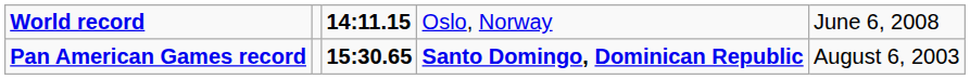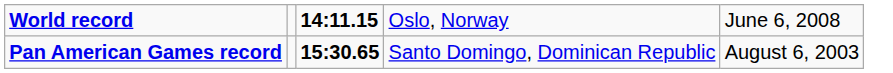 <table class="wikitable">
 <tr>
 <td><strong><a href='#'>World record</a></strong></td>
 <td></td>
 <td><strong>14:11.15</strong></td>
 <td><a href='#'>Oslo</a>, <a href='#'>Norway</a></td>
 <td>June 6, 2008</td>
 </tr>
 <tr>
 <td><strong><a href='#'>Pan American Games record</a></strong></td>
 <td></td>
 <td><strong>15:30.65</strong></td>
-<td><strong><a href='#'>Santo Domingo</a>, <a href='#'>Dominican Republic</a></strong></td>
+<td><a href='#'>Santo Domingo</a>, <a href='#'>Dominican Republic</a></td>
 <td>August 6, 2003</td>
 </tr>
 </table>
